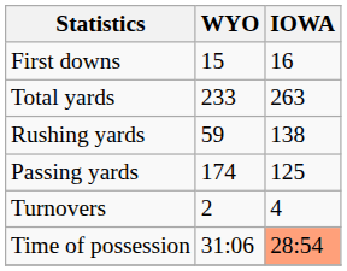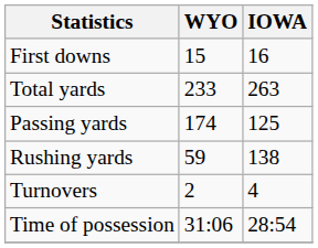 <table class="wikitable">
 <tr>
 <th>Statistics</th>
 <th>WYO</th>
 <th>IOWA</th>
 </tr>
 <tr>
 <td>First downs</td>
 <td>15</td>
 <td>16</td>
 </tr>
 <tr>
 <td>Total yards</td>
 <td>233</td>
 <td>263</td>
 </tr>
 <tr>
+<td>Passing yards</td>
+<td>174</td>
+<td>125</td>
+</tr>
+<tr>
 <td>Rushing yards</td>
 <td>59</td>
 <td>138</td>
-</tr>
-<tr>
-<td>Passing yards</td>
-<td>174</td>
-<td>125</td>
 </tr>
 <tr>
 <td>Turnovers</td>
 <td>2</td>
 <td>4</td>
 </tr>
 <tr>
 <td>Time of possession</td>
 <td>31:06</td>
-<td style="background: lightsalmon;">28:54</td>
+<td>28:54</td>
 </tr>
 <tr>
 </tr>
 </table>
